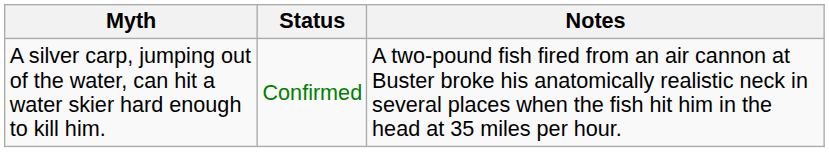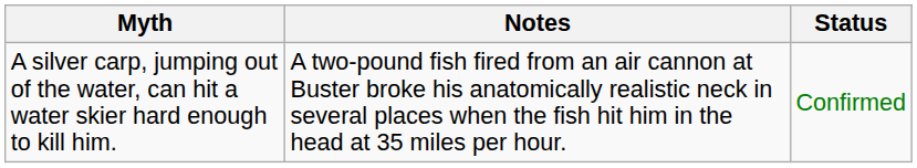 <table class="wikitable plainrowheaders">
 <tr>
 <th scope"col">Myth</th>
+<th scope"col">Notes</th>
 <th scope"col">Status</th>
-<th scope"col">Notes</th>
 </tr>
 <tr>
 <td scope"row">A silver carp, jumping out of the water, can hit a water skier hard enough to kill him.</td>
+<td>A two-pound fish fired from an air cannon at Buster broke his anatomically realistic neck in several places when the fish hit him in the head at 35 miles per hour.</td>
 <td style="color:green">Confirmed</td>
-<td>A two-pound fish fired from an air cannon at Buster broke his anatomically realistic neck in several places when the fish hit him in the head at 35 miles per hour.</td>
 </tr>
 </table>
